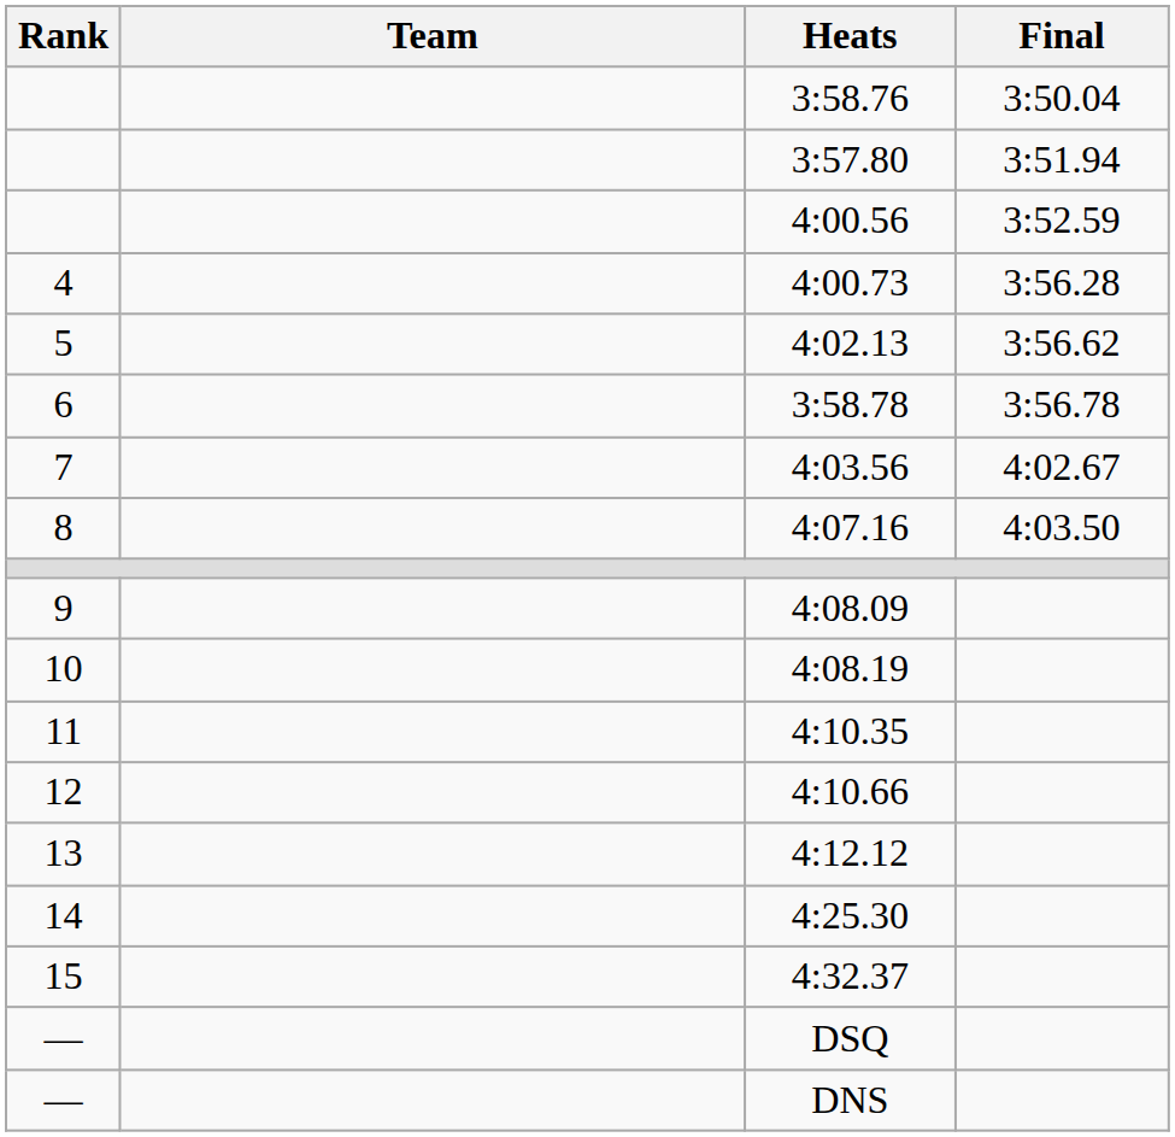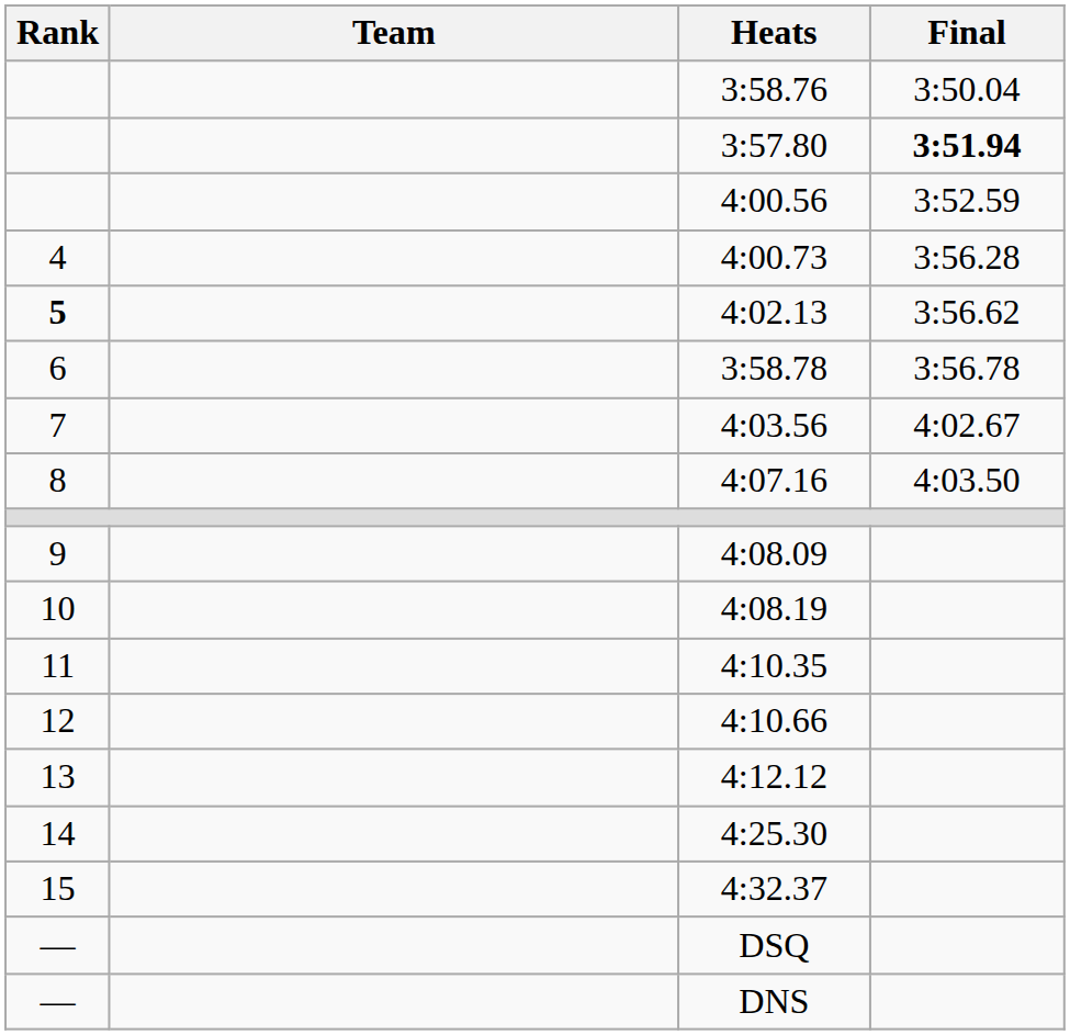 <table class=wikitable style="text-align:center">
 <tr>
 <th width=40>Rank</th>
 <th width=250>Team</th>
 <th width=80>Heats</th>
 <th width=80>Final</th>
 </tr>
 <tr>
 <td></td>
 <td align=left></td>
 <td>3:58.76</td>
 <td>3:50.04</td>
 </tr>
 <tr>
 <td></td>
 <td align=left></td>
 <td>3:57.80</td>
-<td>3:51.94</td>
+<td><strong>3:51.94</strong></td>
 </tr>
 <tr>
 <td></td>
 <td align=left></td>
 <td>4:00.56</td>
 <td>3:52.59</td>
 </tr>
 <tr>
 <td>4</td>
 <td align=left></td>
 <td>4:00.73</td>
 <td>3:56.28</td>
 </tr>
 <tr>
-<td>5</td>
+<td><strong>5</strong></td>
 <td align=left></td>
 <td>4:02.13</td>
 <td>3:56.62</td>
 </tr>
 <tr>
 <td>6</td>
 <td align=left></td>
 <td>3:58.78</td>
 <td>3:56.78</td>
 </tr>
 <tr>
 <td>7</td>
 <td align=left></td>
 <td>4:03.56</td>
 <td>4:02.67</td>
 </tr>
 <tr>
 <td>8</td>
 <td align=left></td>
 <td>4:07.16</td>
 <td>4:03.50</td>
 </tr>
 <tr bgcolor=#DDDDDD>
 <td colspan=4></td>
 </tr>
 <tr>
 <td>9</td>
 <td align=left></td>
 <td>4:08.09</td>
 <td></td>
 </tr>
 <tr>
 <td>10</td>
 <td align=left></td>
 <td>4:08.19</td>
 <td></td>
 </tr>
 <tr>
 <td>11</td>
 <td align=left></td>
 <td>4:10.35</td>
 <td></td>
 </tr>
 <tr>
 <td>12</td>
 <td align=left></td>
 <td>4:10.66</td>
 <td></td>
 </tr>
 <tr>
 <td>13</td>
 <td align=left></td>
 <td>4:12.12</td>
 <td></td>
 </tr>
 <tr>
 <td>14</td>
 <td align=left></td>
 <td>4:25.30</td>
 <td></td>
 </tr>
 <tr>
 <td>15</td>
 <td align=left></td>
 <td>4:32.37</td>
 <td></td>
 </tr>
 <tr>
 <td>—</td>
 <td align=left></td>
 <td>DSQ</td>
 <td></td>
 </tr>
 <tr>
 <td>—</td>
 <td align=left></td>
 <td>DNS</td>
 <td></td>
 </tr>
 </table>
